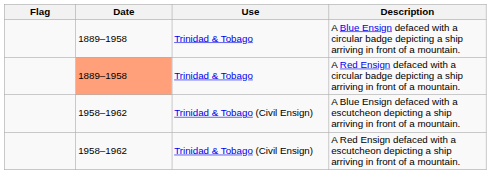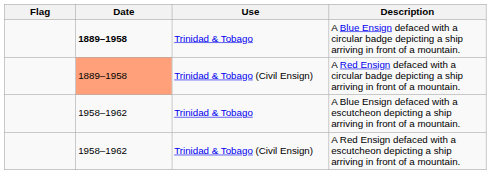 <table class="wikitable">
 <tr style="background:#efefef;">
 <th style="width:110px;">Flag</th>
 <th style="width:150px;">Date</th>
 <th style="width:250px;">Use</th>
 <th style="width:250px;">Description</th>
 </tr>
 <tr>
 <td></td>
-<td>1889–1958</td>
+<td><strong>1889–1958</strong></td>
 <td><a href='#'>Trinidad & Tobago</a></td>
 <td>A <a href='#'>Blue Ensign</a> defaced with a circular badge depicting a ship arriving in front of a mountain.</td>
 </tr>
 <tr>
 <td></td>
 <td style="background: lightsalmon;">1889–1958</td>
-<td><a href='#'>Trinidad & Tobago</a></td>
+<td><a href='#'>Trinidad & Tobago</a> (Civil Ensign)</td>
 <td>A <a href='#'>Red Ensign</a> defaced with a circular badge depicting a ship arriving in front of a mountain.</td>
 </tr>
 <tr>
 <td></td>
 <td>1958–1962</td>
-<td><a href='#'>Trinidad & Tobago</a> (Civil Ensign)</td>
+<td><a href='#'>Trinidad & Tobago</a></td>
 <td>A Blue Ensign defaced with a escutcheon depicting a ship arriving in front of a mountain.</td>
 </tr>
 <tr>
 <td></td>
 <td>1958–1962</td>
 <td><a href='#'>Trinidad & Tobago</a> (Civil Ensign)</td>
 <td>A Red Ensign defaced with a escutcheon depicting a ship arriving in front of a mountain.</td>
 </tr>
 </table>
